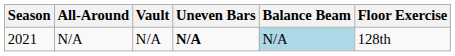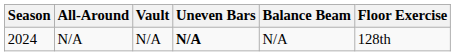 <table class="wikitable">
 <tr>
 <th>Season</th>
 <th>All-Around</th>
 <th>Vault</th>
 <th>Uneven Bars</th>
 <th>Balance Beam</th>
 <th>Floor Exercise</th>
 </tr>
 <tr>
-<td>2021</td>
+<td>2024</td>
 <td>N/A</td>
 <td>N/A</td>
 <td><strong>N/A</strong></td>
-<td style="background: lightblue;">N/A</td>
+<td>N/A</td>
 <td>128th</td>
 </tr>
 </table>
